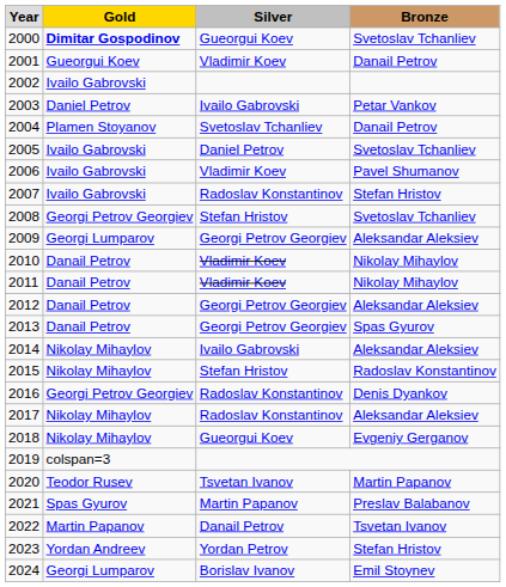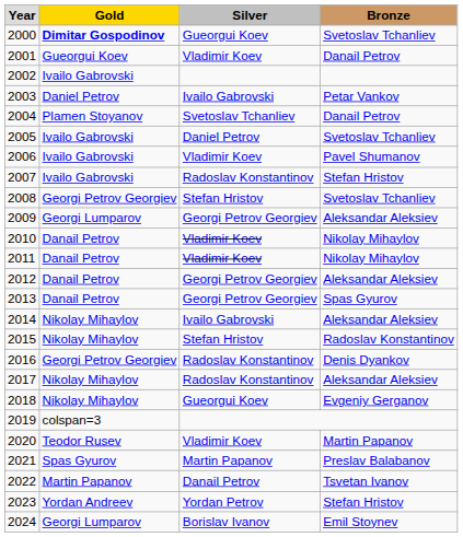 <table class="wikitable sortable" style="font-size:95%">
 <tr>
 <td style="background:#DDDDDD; font-weight:bold; text-align:center;">Year</td>
 <td style="background:gold; font-weight:bold; text-align:center;">Gold</td>
 <td style="background:silver; font-weight:bold; text-align:center;">Silver</td>
 <td style="background:#cc9966; font-weight:bold; text-align:center;">Bronze</td>
 </tr>
 <tr>
 <td>2000</td>
 <td><strong><a href='#'>Dimitar Gospodinov</a></strong></td>
 <td><a href='#'>Gueorgui Koev</a></td>
 <td><a href='#'>Svetoslav Tchanliev</a></td>
 </tr>
 <tr>
 <td>2001</td>
 <td><a href='#'>Gueorgui Koev</a></td>
 <td><a href='#'>Vladimir Koev</a></td>
 <td><a href='#'>Danail Petrov</a></td>
 </tr>
 <tr>
 <td>2002</td>
 <td><a href='#'>Ivailo Gabrovski</a></td>
 <td></td>
 <td></td>
 </tr>
 <tr>
 <td>2003</td>
 <td><a href='#'>Daniel Petrov</a></td>
 <td><a href='#'>Ivailo Gabrovski</a></td>
 <td><a href='#'>Petar Vankov</a></td>
 </tr>
 <tr>
 <td>2004</td>
 <td><a href='#'>Plamen Stoyanov</a></td>
 <td><a href='#'>Svetoslav Tchanliev</a></td>
 <td><a href='#'>Danail Petrov</a></td>
 </tr>
 <tr>
 <td>2005</td>
 <td><a href='#'>Ivailo Gabrovski</a></td>
 <td><a href='#'>Daniel Petrov</a></td>
 <td><a href='#'>Svetoslav Tchanliev</a></td>
 </tr>
 <tr>
 <td>2006</td>
 <td><a href='#'>Ivailo Gabrovski</a></td>
 <td><a href='#'>Vladimir Koev</a></td>
 <td><a href='#'>Pavel Shumanov</a></td>
 </tr>
 <tr>
 <td>2007</td>
 <td><a href='#'>Ivailo Gabrovski</a></td>
 <td><a href='#'>Radoslav Konstantinov</a></td>
 <td><a href='#'>Stefan Hristov</a></td>
 </tr>
 <tr>
 <td>2008</td>
 <td><a href='#'>Georgi Petrov Georgiev</a></td>
 <td><a href='#'>Stefan Hristov</a></td>
 <td><a href='#'>Svetoslav Tchanliev</a></td>
 </tr>
 <tr>
 <td>2009</td>
 <td><a href='#'>Georgi Lumparov</a></td>
 <td><a href='#'>Georgi Petrov Georgiev</a></td>
 <td><a href='#'>Aleksandar Aleksiev</a></td>
 </tr>
 <tr>
 <td>2010</td>
 <td><a href='#'>Danail Petrov</a></td>
 <td><s><a href='#'>Vladimir Koev</a></s></td>
 <td><a href='#'>Nikolay Mihaylov</a></td>
 </tr>
 <tr>
 <td>2011</td>
 <td><a href='#'>Danail Petrov</a></td>
 <td><s><a href='#'>Vladimir Koev</a></s></td>
 <td><a href='#'>Nikolay Mihaylov</a></td>
 </tr>
 <tr>
 <td>2012</td>
 <td><a href='#'>Danail Petrov</a></td>
 <td><a href='#'>Georgi Petrov Georgiev</a></td>
 <td><a href='#'>Aleksandar Aleksiev</a></td>
 </tr>
 <tr>
 <td>2013</td>
 <td><a href='#'>Danail Petrov</a></td>
 <td><a href='#'>Georgi Petrov Georgiev</a></td>
 <td><a href='#'>Spas Gyurov</a></td>
 </tr>
 <tr>
 <td>2014</td>
 <td><a href='#'>Nikolay Mihaylov</a></td>
 <td><a href='#'>Ivailo Gabrovski</a></td>
 <td><a href='#'>Aleksandar Aleksiev</a></td>
 </tr>
 <tr>
 <td>2015</td>
 <td><a href='#'>Nikolay Mihaylov</a></td>
 <td><a href='#'>Stefan Hristov</a></td>
 <td><a href='#'>Radoslav Konstantinov</a></td>
 </tr>
 <tr>
 <td>2016</td>
 <td><a href='#'>Georgi Petrov Georgiev</a></td>
 <td><a href='#'>Radoslav Konstantinov</a></td>
 <td><a href='#'>Denis Dyankov</a></td>
 </tr>
 <tr>
 <td>2017</td>
 <td><a href='#'>Nikolay Mihaylov</a></td>
 <td><a href='#'>Radoslav Konstantinov</a></td>
 <td><a href='#'>Aleksandar Aleksiev</a></td>
 </tr>
 <tr>
 <td>2018</td>
 <td><a href='#'>Nikolay Mihaylov</a></td>
 <td><a href='#'>Gueorgui Koev</a></td>
 <td><a href='#'>Evgeniy Gerganov</a></td>
 </tr>
 <tr>
 <td>2019</td>
 <td>colspan=3 </td>
 </tr>
 <tr>
 <td>2020</td>
 <td><a href='#'>Teodor Rusev</a></td>
-<td><a href='#'>Tsvetan Ivanov</a></td>
+<td><a href='#'>Vladimir Koev</a></td>
 <td><a href='#'>Martin Papanov</a></td>
 </tr>
 <tr>
 <td>2021</td>
 <td><a href='#'>Spas Gyurov</a></td>
 <td><a href='#'>Martin Papanov</a></td>
 <td><a href='#'>Preslav Balabanov</a></td>
 </tr>
 <tr>
 <td>2022</td>
 <td><a href='#'>Martin Papanov</a></td>
 <td><a href='#'>Danail Petrov</a></td>
 <td><a href='#'>Tsvetan Ivanov</a></td>
 </tr>
 <tr>
 <td>2023</td>
 <td><a href='#'>Yordan Andreev</a></td>
 <td><a href='#'>Yordan Petrov</a></td>
 <td><a href='#'>Stefan Hristov</a></td>
 </tr>
 <tr>
 <td>2024</td>
 <td><a href='#'>Georgi Lumparov</a></td>
 <td><a href='#'>Borislav Ivanov</a></td>
 <td><a href='#'>Emil Stoynev</a></td>
 </tr>
 </table>
